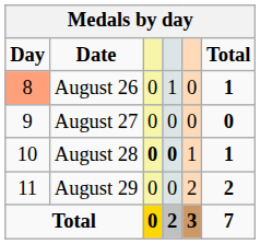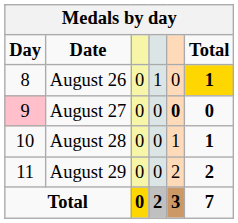 <table class=wikitable style="font-size:85%; float:right;text-align:center">
 <tr>
 <th colspan=7>Medals by day</th>
 </tr>
 <tr>
 <td><strong>Day</strong></td>
 <td><strong>Date</strong></td>
 <td bgcolor=F7F6A8></td>
 <td bgcolor=DCE5E5></td>
 <td bgcolor=FFDAB9></td>
 <td><strong>Total</strong></td>
 </tr>
 <tr>
-<td style="background: lightsalmon;">8</td>
+<td>8</td>
 <td>August 26</td>
 <td bgcolor=F7F6A8>0</td>
 <td bgcolor=DCE5E5>1</td>
 <td bgcolor=FFDAB9>0</td>
-<td><strong>1</strong></td>
+<td style="background: gold;"><strong>1</strong></td>
 </tr>
 <tr>
-<td>9</td>
+<td style="background: pink;">9</td>
 <td>August 27</td>
 <td bgcolor=F7F6A8>0</td>
 <td bgcolor=DCE5E5>0</td>
-<td bgcolor=FFDAB9>0</td>
+<td bgcolor=FFDAB9><strong>0</strong></td>
 <td><strong>0</strong></td>
 </tr>
 <tr>
 <td>10</td>
 <td>August 28</td>
-<td bgcolor=F7F6A8><strong>0</strong></td>
-<td bgcolor=DCE5E5><strong>0</strong></td>
+<td bgcolor=F7F6A8>0</td>
+<td bgcolor=DCE5E5>0</td>
 <td bgcolor=FFDAB9>1</td>
 <td><strong>1</strong></td>
 </tr>
 <tr>
 <td>11</td>
 <td>August 29</td>
 <td bgcolor=F7F6A8>0</td>
 <td bgcolor=DCE5E5>0</td>
 <td bgcolor=FFDAB9>2</td>
 <td><strong>2</strong></td>
 </tr>
 <tr>
 <td colspan=2><strong>Total</strong></td>
 <td style="background:gold;"><strong>0</strong></td>
 <td style="background:silver;"><strong>2</strong></td>
 <td style="background:#c96;"><strong>3</strong></td>
 <td><strong>7</strong></td>
 </tr>
 </table>
